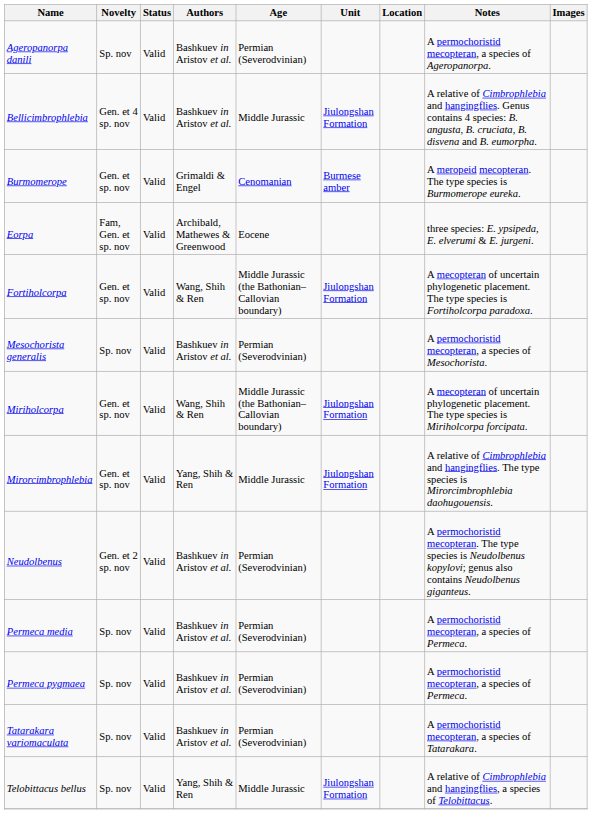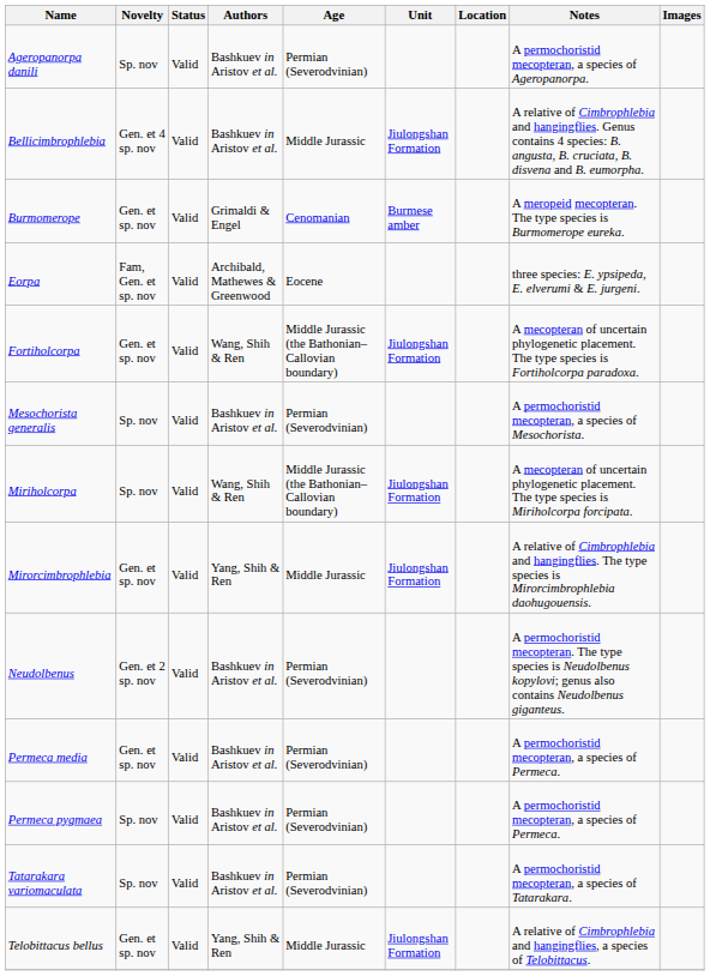 <table class="wikitable sortable" align="center" width="100%">
 <tr>
 <th>Name</th>
 <th>Novelty</th>
 <th>Status</th>
 <th>Authors</th>
 <th>Age</th>
 <th>Unit</th>
 <th>Location</th>
 <th>Notes</th>
 <th>Images</th>
 </tr>
 <tr>
 <td><br><em><a href='#'>Ageropanorpa danili</a></em></td>
 <td><br>Sp. nov</td>
 <td><br>Valid</td>
 <td><br>Bashkuev <em>in</em> Aristov <em>et al.</em></td>
 <td><br>Permian (Severodvinian)</td>
 <td></td>
 <td><br></td>
 <td><br>A <a href='#'>permochoristid</a> <a href='#'>mecopteran</a>, a species of <em>Ageropanorpa</em>.</td>
 <td></td>
 </tr>
 <tr>
 <td><br><em><a href='#'>Bellicimbrophlebia</a></em></td>
 <td><br>Gen. et 4 sp. nov</td>
 <td><br>Valid</td>
 <td><br>Bashkuev <em>in</em> Aristov <em>et al.</em></td>
 <td><br>Middle Jurassic</td>
 <td><br><a href='#'>Jiulongshan Formation</a></td>
 <td><br></td>
 <td><br>A relative of <em><a href='#'>Cimbrophlebia</a></em> and <a href='#'>hangingflies</a>. Genus contains 4 species: <em>B. angusta</em>, <em>B. cruciata</em>, <em>B. disvena</em> and <em>B. eumorpha</em>.</td>
 <td></td>
 </tr>
 <tr>
 <td><br><em><a href='#'>Burmomerope</a></em></td>
 <td><br>Gen. et sp. nov</td>
 <td><br>Valid</td>
 <td><br>Grimaldi & Engel</td>
 <td><br><a href='#'>Cenomanian</a></td>
 <td><br><a href='#'>Burmese amber</a></td>
 <td><br></td>
 <td><br>A <a href='#'>meropeid</a> <a href='#'>mecopteran</a>. The type species is <em>Burmomerope eureka</em>.</td>
 <td></td>
 </tr>
 <tr>
 <td><br><em><a href='#'>Eorpa</a></em></td>
 <td><br>Fam, Gen. et sp. nov</td>
 <td><br>Valid</td>
 <td><br>Archibald, Mathewes & Greenwood</td>
 <td><br>Eocene</td>
 <td></td>
 <td><br><br> </td>
 <td><br>three species: <em>E. ypsipeda</em>, <em>E. elverumi</em> & <em>E. jurgeni</em>.</td>
 <td></td>
 </tr>
 <tr>
 <td><br><em><a href='#'>Fortiholcorpa</a></em></td>
 <td><br>Gen. et sp. nov</td>
 <td><br>Valid</td>
 <td><br>Wang, Shih & Ren</td>
 <td><br>Middle Jurassic (the Bathonian–Callovian boundary)</td>
 <td><br><a href='#'>Jiulongshan Formation</a></td>
 <td><br></td>
 <td><br>A <a href='#'>mecopteran</a> of uncertain phylogenetic placement. The type species is <em>Fortiholcorpa paradoxa</em>.</td>
 <td></td>
 </tr>
 <tr>
 <td><br><em><a href='#'>Mesochorista generalis</a></em></td>
 <td><br>Sp. nov</td>
 <td><br>Valid</td>
 <td><br>Bashkuev <em>in</em> Aristov <em>et al.</em></td>
 <td><br>Permian (Severodvinian)</td>
 <td></td>
 <td><br></td>
 <td><br>A <a href='#'>permochoristid</a> <a href='#'>mecopteran</a>, a species of <em>Mesochorista</em>.</td>
 <td></td>
 </tr>
 <tr>
 <td><br><em><a href='#'>Miriholcorpa</a></em></td>
-<td><br>Gen. et sp. nov</td>
+<td><br>Sp. nov</td>
 <td><br>Valid</td>
 <td><br>Wang, Shih & Ren</td>
 <td><br>Middle Jurassic (the Bathonian–Callovian boundary)</td>
 <td><br><a href='#'>Jiulongshan Formation</a></td>
 <td><br></td>
 <td><br>A <a href='#'>mecopteran</a> of uncertain phylogenetic placement. The type species is <em>Miriholcorpa forcipata</em>.</td>
 <td></td>
 </tr>
 <tr>
 <td><br><em><a href='#'>Mirorcimbrophlebia</a></em></td>
 <td><br>Gen. et sp. nov</td>
 <td><br>Valid</td>
 <td><br>Yang, Shih & Ren</td>
 <td><br>Middle Jurassic</td>
 <td><br><a href='#'>Jiulongshan Formation</a></td>
 <td><br></td>
 <td><br>A relative of <em><a href='#'>Cimbrophlebia</a></em> and <a href='#'>hangingflies</a>. The type species is <em>Mirorcimbrophlebia daohugouensis</em>.</td>
 <td></td>
 </tr>
 <tr>
 <td><br><em><a href='#'>Neudolbenus</a></em></td>
 <td><br>Gen. et 2 sp. nov</td>
 <td><br>Valid</td>
 <td><br>Bashkuev <em>in</em> Aristov <em>et al.</em></td>
 <td><br>Permian (Severodvinian)</td>
 <td></td>
 <td><br></td>
 <td><br>A <a href='#'>permochoristid</a> <a href='#'>mecopteran</a>. The type species is <em>Neudolbenus kopylovi</em>; genus also contains <em>Neudolbenus giganteus</em>.</td>
 <td></td>
 </tr>
 <tr>
 <td><br><em><a href='#'>Permeca media</a></em></td>
-<td><br>Sp. nov</td>
+<td><br>Gen. et sp. nov</td>
 <td><br>Valid</td>
 <td><br>Bashkuev <em>in</em> Aristov <em>et al.</em></td>
 <td><br>Permian (Severodvinian)</td>
 <td></td>
 <td><br></td>
 <td><br>A <a href='#'>permochoristid</a> <a href='#'>mecopteran</a>, a species of <em>Permeca</em>.</td>
 <td></td>
 </tr>
 <tr>
 <td><br><em><a href='#'>Permeca pygmaea</a></em></td>
 <td><br>Sp. nov</td>
 <td><br>Valid</td>
 <td><br>Bashkuev <em>in</em> Aristov <em>et al.</em></td>
 <td><br>Permian (Severodvinian)</td>
 <td></td>
 <td><br></td>
 <td><br>A <a href='#'>permochoristid</a> <a href='#'>mecopteran</a>, a species of <em>Permeca</em>.</td>
 <td></td>
 </tr>
 <tr>
 <td><br><em><a href='#'>Tatarakara variomaculata</a></em></td>
 <td><br>Sp. nov</td>
 <td><br>Valid</td>
 <td><br>Bashkuev <em>in</em> Aristov <em>et al.</em></td>
 <td><br>Permian (Severodvinian)</td>
 <td></td>
 <td><br></td>
 <td><br>A <a href='#'>permochoristid</a> <a href='#'>mecopteran</a>, a species of <em>Tatarakara</em>.</td>
 <td></td>
 </tr>
 <tr>
 <td><br><em>Telobittacus bellus</em></td>
-<td><br>Sp. nov</td>
+<td><br>Gen. et sp. nov</td>
 <td><br>Valid</td>
 <td><br>Yang, Shih & Ren</td>
 <td><br>Middle Jurassic</td>
 <td><br><a href='#'>Jiulongshan Formation</a></td>
 <td><br></td>
 <td><br>A relative of <em><a href='#'>Cimbrophlebia</a></em> and <a href='#'>hangingflies</a>, a species of <em><a href='#'>Telobittacus</a></em>.</td>
 <td></td>
 </tr>
 <tr>
 </tr>
 </table>
